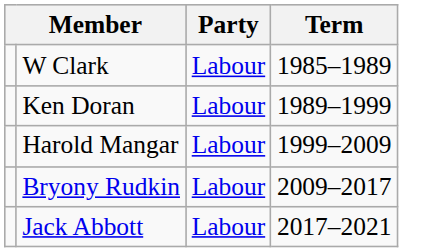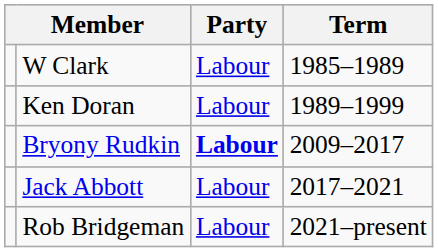 <table class="wikitable">
 <tr>
 <th colspan="2">Member</th>
 <th>Party</th>
 <th>Term</th>
 </tr>
 <tr>
 <td style="background-color: "></td>
 <td>W Clark</td>
 <td><a href='#'>Labour</a></td>
 <td>1985–1989</td>
 </tr>
 <tr>
 <td style="background-color: "></td>
 <td>Ken Doran</td>
 <td><a href='#'>Labour</a></td>
 <td>1989–1999</td>
 </tr>
 <tr>
 <td style="background-color: "></td>
-<td>Harold Mangar</td>
-<td><a href='#'>Labour</a></td>
-<td>1999–2009</td>
-</tr>
-<tr>
-<td style="background-color: "></td>
 <td><a href='#'>Bryony Rudkin</a></td>
-<td><a href='#'>Labour</a></td>
+<td><strong><a href='#'>Labour</a></strong></td>
 <td>2009–2017</td>
 </tr>
 <tr>
 <td style="background-color: "></td>
 <td><a href='#'>Jack Abbott</a></td>
 <td><a href='#'>Labour</a></td>
 <td>2017–2021</td>
 </tr>
+<tr>
+<td style="background-color: "></td>
+<td>Rob Bridgeman</td>
+<td><a href='#'>Labour</a></td>
+<td>2021–present</td>
+</tr>
 </table>
